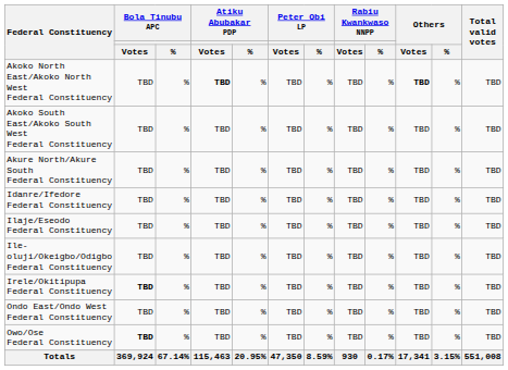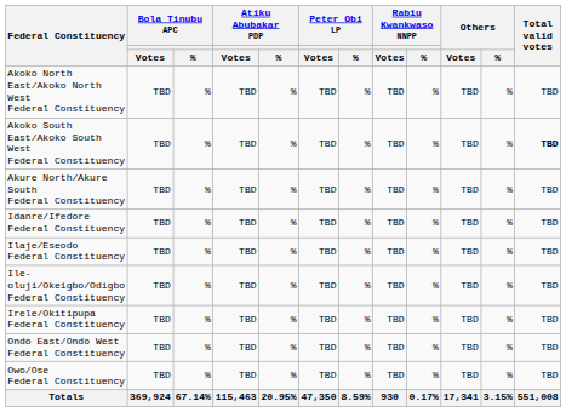 <table class="wikitable sortable" style="text-align:right; font-size:90%">
 <tr>
 <th rowspan="3" style="max-width:7.5em;">Federal Constituency</th>
 <th colspan="2"><a href='#'>Bola Tinubu</a><br><small>APC</small></th>
 <th colspan="2"><a href='#'>Atiku Abubakar</a><br><small>PDP</small></th>
 <th colspan="2"><a href='#'>Peter Obi</a><br><small>LP</small></th>
 <th colspan="2"><a href='#'>Rabiu Kwankwaso</a><br><small>NNPP</small></th>
 <th colspan="2" rowspan="2">Others</th>
 <th rowspan="3" style="max-width:5em;">Total valid votes</th>
 </tr>
 <tr>
 <th colspan=2 style="background-color:"></th>
 <th colspan=2 style="background-color:"></th>
 <th colspan=2 style="background-color:"></th>
 <th colspan=2 style="background-color:"></th>
 </tr>
 <tr>
 <th>Votes</th>
 <th>%</th>
 <th>Votes</th>
 <th>%</th>
 <th>Votes</th>
 <th>%</th>
 <th>Votes</th>
 <th>%</th>
 <th>Votes</th>
 <th>%</th>
 </tr>
 <tr style="background-color:#">
 <td style="text-align:left;">Akoko North East/Akoko North West<br>Federal Constituency</td>
 <td>TBD</td>
 <td>%</td>
-<td><strong>TBD</strong></td>
+<td>TBD</td>
 <td>%</td>
 <td>TBD</td>
 <td>%</td>
 <td>TBD</td>
 <td>%</td>
-<td><strong>TBD</strong></td>
+<td>TBD</td>
 <td>%</td>
 <td>TBD</td>
 </tr>
 <tr style="background-color:#">
 <td style="text-align:left;">Akoko South East/Akoko South West<br>Federal Constituency</td>
 <td>TBD</td>
 <td>%</td>
 <td>TBD</td>
 <td>%</td>
 <td>TBD</td>
 <td>%</td>
 <td>TBD</td>
 <td>%</td>
 <td>TBD</td>
 <td>%</td>
-<td>TBD</td>
+<td><strong>TBD</strong></td>
 </tr>
 <tr style="background-color:#">
 <td style="text-align:left;">Akure North/Akure South<br>Federal Constituency</td>
 <td>TBD</td>
 <td>%</td>
 <td>TBD</td>
 <td>%</td>
 <td>TBD</td>
 <td>%</td>
 <td>TBD</td>
 <td>%</td>
 <td>TBD</td>
 <td>%</td>
 <td>TBD</td>
 </tr>
 <tr style="background-color:#">
 <td style="text-align:left;">Idanre/Ifedore<br>Federal Constituency</td>
 <td>TBD</td>
 <td>%</td>
 <td>TBD</td>
 <td>%</td>
 <td>TBD</td>
 <td>%</td>
 <td>TBD</td>
 <td>%</td>
 <td>TBD</td>
 <td>%</td>
 <td>TBD</td>
 </tr>
 <tr style="background-color:#">
 <td style="text-align:left;">Ilaje/Eseodo<br>Federal Constituency</td>
 <td>TBD</td>
 <td>%</td>
 <td>TBD</td>
 <td>%</td>
 <td>TBD</td>
 <td>%</td>
 <td>TBD</td>
 <td>%</td>
 <td>TBD</td>
 <td>%</td>
 <td>TBD</td>
 </tr>
 <tr style="background-color:#">
 <td style="text-align:left;">Ile-oluji/Okeigbo/Odigbo<br>Federal Constituency</td>
 <td>TBD</td>
 <td>%</td>
 <td>TBD</td>
 <td>%</td>
 <td>TBD</td>
 <td>%</td>
 <td>TBD</td>
 <td>%</td>
 <td>TBD</td>
 <td>%</td>
 <td>TBD</td>
 </tr>
 <tr style="background-color:#">
 <td style="text-align:left;">Irele/Okitipupa<br>Federal Constituency</td>
-<td><strong>TBD</strong></td>
+<td>TBD</td>
 <td>%</td>
 <td>TBD</td>
 <td>%</td>
 <td>TBD</td>
 <td>%</td>
 <td>TBD</td>
 <td>%</td>
 <td>TBD</td>
 <td>%</td>
 <td>TBD</td>
 </tr>
 <tr style="background-color:#">
 <td style="text-align:left;">Ondo East/Ondo West<br>Federal Constituency</td>
 <td>TBD</td>
 <td>%</td>
 <td>TBD</td>
 <td>%</td>
 <td>TBD</td>
 <td>%</td>
 <td>TBD</td>
 <td>%</td>
 <td>TBD</td>
 <td>%</td>
 <td>TBD</td>
 </tr>
 <tr style="background-color:#">
 <td style="text-align:left;">Owo/Ose<br>Federal Constituency</td>
-<td><strong>TBD</strong></td>
+<td>TBD</td>
 <td>%</td>
 <td>TBD</td>
 <td>%</td>
 <td>TBD</td>
 <td>%</td>
 <td>TBD</td>
 <td>%</td>
 <td>TBD</td>
 <td>%</td>
 <td>TBD</td>
 </tr>
 <tr>
 <th>Totals</th>
 <th>369,924</th>
 <th>67.14%</th>
 <th>115,463</th>
 <th>20.95%</th>
 <th>47,350</th>
 <th>8.59%</th>
 <th>930</th>
 <th>0.17%</th>
 <th>17,341</th>
 <th>3.15%</th>
 <th>551,008</th>
 </tr>
 </table>
